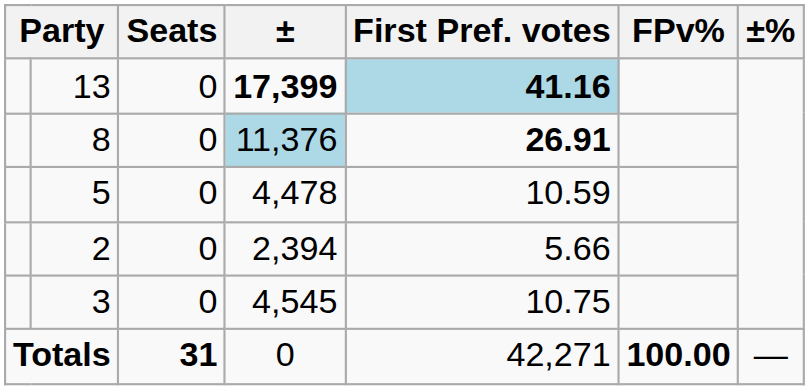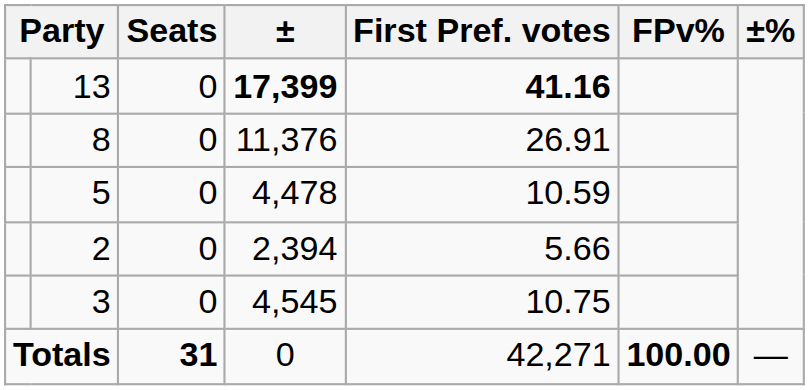 <table class=wikitable>
 <tr>
 <th colspan=2 align=center>Party</th>
 <th valign=top>Seats</th>
 <th valign=top>±</th>
 <th valign=top>First Pref. votes</th>
 <th valign=top>FPv%</th>
 <th valign=top>±%</th>
 </tr>
 <tr>
 <td></td>
 <td align=right>13</td>
 <td align=right>0</td>
 <td align=right><strong>17,399</strong></td>
-<td align=right style="background: lightblue;"><strong>41.16</strong></td>
+<td align=right><strong>41.16</strong></td>
 <td align=right></td>
 </tr>
 <tr>
 <td></td>
 <td align=right>8</td>
 <td align=right>0</td>
-<td align=right style="background: lightblue;">11,376</td>
-<td align=right><strong>26.91</strong></td>
+<td align=right>11,376</td>
+<td align=right>26.91</td>
 <td align=right></td>
 </tr>
 <tr>
 <td></td>
 <td align=right>5</td>
 <td align=right>0</td>
 <td align=right>4,478</td>
 <td align=right>10.59</td>
 <td align=right></td>
 </tr>
 <tr>
 <td></td>
 <td align=right>2</td>
 <td align=right>0</td>
 <td align=right>2,394</td>
 <td align=right>5.66</td>
 <td align=right></td>
 </tr>
 <tr>
 <td></td>
 <td align=right>3</td>
 <td align=right>0</td>
 <td align=right>4,545</td>
 <td align=right>10.75</td>
 <td align=right></td>
 </tr>
 <tr>
 <td colspan=2 align=center><strong>Totals</strong></td>
 <td align=right><strong>31</strong></td>
 <td align=center>0</td>
 <td align=right>42,271</td>
 <td align=center><strong>100.00</strong></td>
 <td align=center>—</td>
 </tr>
 </table>
